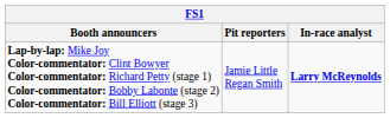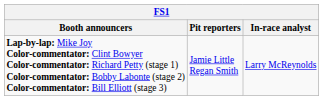 <table class="wikitable" style="font-size: 95%">
 <tr>
 <th colspan="3"><a href='#'>FS1</a></th>
 </tr>
 <tr>
 <th>Booth announcers</th>
 <th>Pit reporters</th>
 <th>In-race analyst</th>
 </tr>
 <tr>
 <td><strong>Lap-by-lap:</strong> <a href='#'>Mike Joy</a><br><strong>Color-commentator:</strong> <a href='#'>Clint Bowyer</a><br><strong>Color-commentator:</strong> <a href='#'>Richard Petty</a> (stage 1)<br><strong>Color-commentator:</strong> <a href='#'>Bobby Labonte</a> (stage 2)<br><strong>Color-commentator:</strong> <a href='#'>Bill Elliott</a> (stage 3)</td>
 <td><a href='#'>Jamie Little</a><br><a href='#'>Regan Smith</a></td>
-<td><strong><a href='#'>Larry McReynolds</a></strong></td>
+<td><a href='#'>Larry McReynolds</a></td>
 </tr>
 </table>
